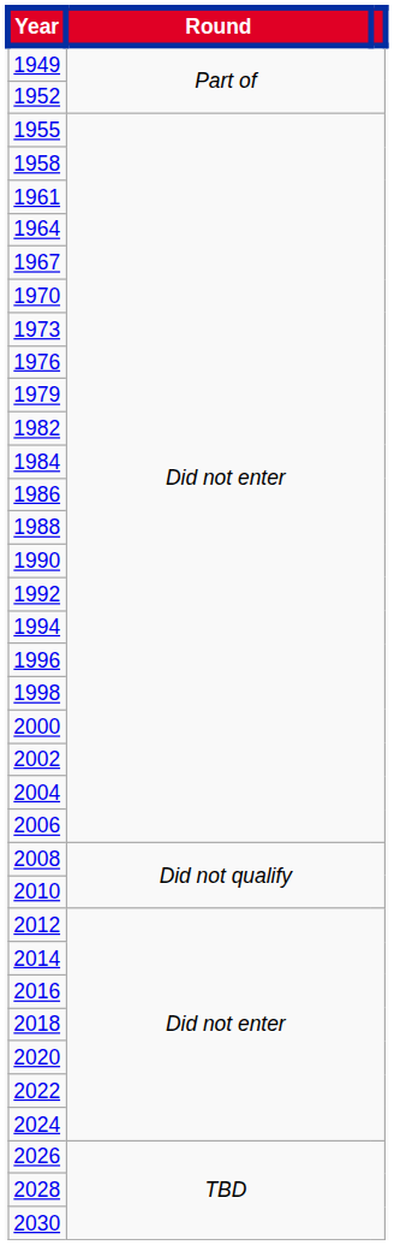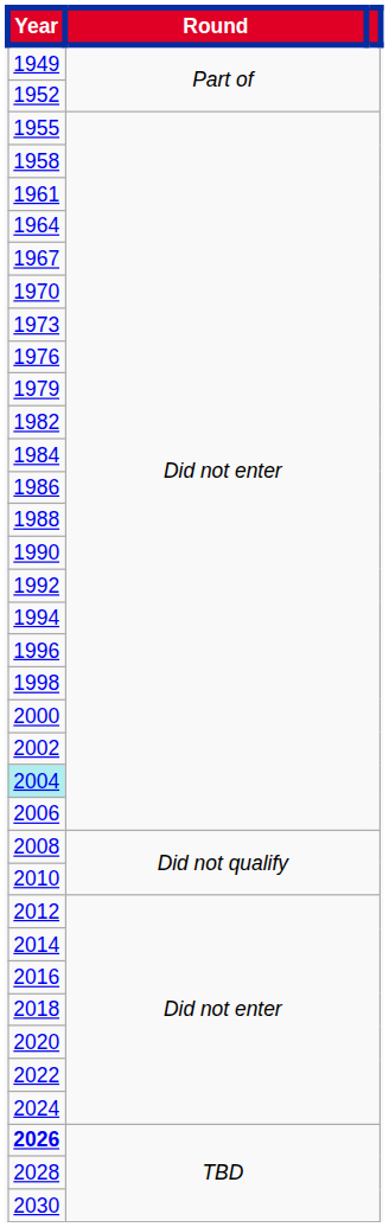 <table class="wikitable" style="text-align: center; font-size:90%">
 <tr style="color:white;">
 <th style="background:#e00025; border: 4px solid #032ea1;">Year</th>
 <th style="background:#e00025; border: 4px solid #032ea1; width:200px">Round</th>
 <th style="background:#e00025; border: 4px solid #032ea1;"></th>
 </tr>
 <tr>
 <td><a href='#'>1949</a></td>
 <td colspan="2" rowspan="2"><em>Part of </em></td>
 </tr>
 <tr>
 <td><a href='#'>1952</a></td>
 </tr>
 <tr>
 <td><a href='#'>1955</a></td>
 <td colspan="2" rowspan="22"><em>Did not enter</em></td>
 </tr>
 <tr>
 <td><a href='#'>1958</a></td>
 </tr>
 <tr>
 <td><a href='#'>1961</a></td>
 </tr>
 <tr>
 <td><a href='#'>1964</a></td>
 </tr>
 <tr>
 <td><a href='#'>1967</a></td>
 </tr>
 <tr>
 <td><a href='#'>1970</a></td>
 </tr>
 <tr>
 <td><a href='#'>1973</a></td>
 </tr>
 <tr>
 <td><a href='#'>1976</a></td>
 </tr>
 <tr>
 <td><a href='#'>1979</a></td>
 </tr>
 <tr>
 <td><a href='#'>1982</a></td>
 </tr>
 <tr>
 <td><a href='#'>1984</a></td>
 </tr>
 <tr>
 <td><a href='#'>1986</a></td>
 </tr>
 <tr>
 <td><a href='#'>1988</a></td>
 </tr>
 <tr>
 <td><a href='#'>1990</a></td>
 </tr>
 <tr>
 <td><a href='#'>1992</a></td>
 </tr>
 <tr>
 <td><a href='#'>1994</a></td>
 </tr>
 <tr>
 <td><a href='#'>1996</a></td>
 </tr>
 <tr>
 <td><a href='#'>1998</a></td>
 </tr>
 <tr>
 <td><a href='#'>2000</a></td>
 </tr>
 <tr>
 <td><a href='#'>2002</a></td>
 </tr>
 <tr>
-<td><a href='#'>2004</a></td>
+<td style="background: paleturquoise;"><a href='#'>2004</a></td>
 </tr>
 <tr>
 <td><a href='#'>2006</a></td>
 </tr>
 <tr>
 <td><a href='#'>2008</a></td>
 <td colspan="2" rowspan="2"><em>Did not qualify</em></td>
 </tr>
 <tr>
 <td><a href='#'>2010</a></td>
 </tr>
 <tr>
 <td><a href='#'>2012</a></td>
 <td colspan="2" rowspan="7"><em>Did not enter</em></td>
 </tr>
 <tr>
 <td><a href='#'>2014</a></td>
 </tr>
 <tr>
 <td><a href='#'>2016</a></td>
 </tr>
 <tr>
 <td><a href='#'>2018</a></td>
 </tr>
 <tr>
 <td><a href='#'>2020</a></td>
 </tr>
 <tr>
 <td><a href='#'>2022</a></td>
 </tr>
 <tr>
 <td><a href='#'>2024</a></td>
 </tr>
 <tr>
-<td><a href='#'>2026</a></td>
+<td><strong><a href='#'>2026</a></strong></td>
 <td colspan="2" rowspan="3"><em>TBD</em></td>
 </tr>
 <tr>
 <td><a href='#'>2028</a></td>
 </tr>
 <tr>
 <td><a href='#'>2030</a></td>
 </tr>
 </table>
